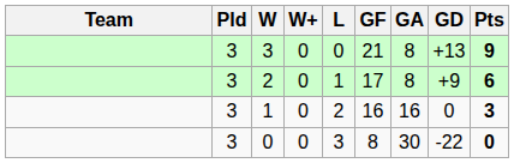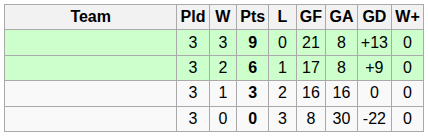 <table class="wikitable" style="text-align:center;">
 <tr>
 <th width=165>Team</th>
 <th width=20>Pld</th>
 <th width=20>W</th>
-<th width=20>W+</th>
+<th width=20>Pts</th>
 <th width=20>L</th>
 <th width=20>GF</th>
 <th width=20>GA</th>
 <th width=20>GD</th>
-<th width=20>Pts</th>
+<th width=20>W+</th>
 </tr>
 <tr align=center style="background:#ccffcc;">
 <td align=left></td>
 <td>3</td>
 <td>3</td>
-<td>0</td>
+<td><strong>9</strong></td>
 <td>0</td>
 <td>21</td>
 <td>8</td>
 <td>+13</td>
-<td><strong>9</strong></td>
+<td>0</td>
 </tr>
 <tr align=center style="background:#ccffcc;">
 <td align=left></td>
 <td>3</td>
 <td>2</td>
-<td>0</td>
+<td><strong>6</strong></td>
 <td>1</td>
 <td>17</td>
 <td>8</td>
 <td>+9</td>
-<td><strong>6</strong></td>
+<td>0</td>
 </tr>
 <tr align=center>
 <td align=left></td>
 <td>3</td>
 <td>1</td>
-<td>0</td>
+<td><strong>3</strong></td>
 <td>2</td>
 <td>16</td>
 <td>16</td>
 <td>0</td>
-<td><strong>3</strong></td>
+<td>0</td>
 </tr>
 <tr align=center>
 <td align=left></td>
 <td>3</td>
 <td>0</td>
-<td>0</td>
+<td><strong>0</strong></td>
 <td>3</td>
 <td>8</td>
 <td>30</td>
 <td>-22</td>
-<td><strong>0</strong></td>
+<td>0</td>
 </tr>
 </table>
